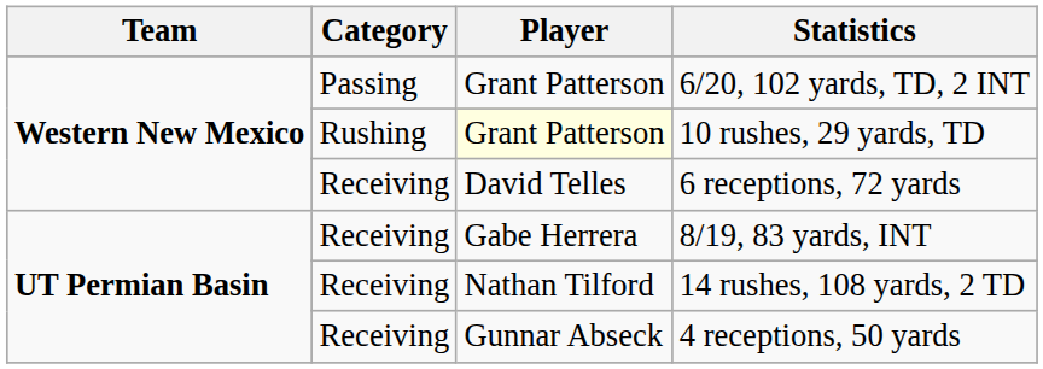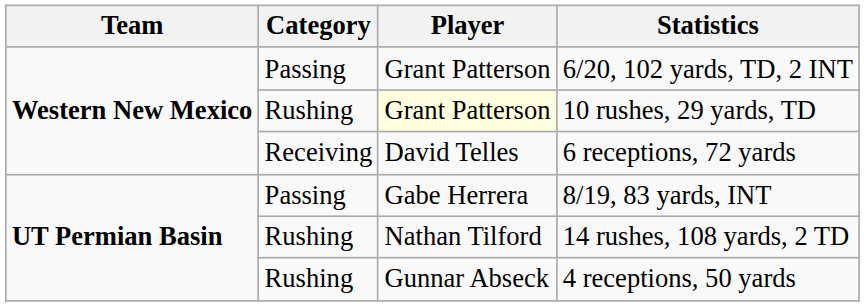 <table class="wikitable" style="float: right;">
 <tr>
 <th>Team</th>
 <th>Category</th>
 <th>Player</th>
 <th>Statistics</th>
 </tr>
 <tr>
 <td rowspan=3><strong>Western New Mexico</strong></td>
 <td>Passing</td>
 <td>Grant Patterson</td>
 <td>6/20, 102 yards, TD, 2 INT</td>
 </tr>
 <tr>
 <td>Rushing</td>
 <td style="background: lightyellow;">Grant Patterson</td>
 <td>10 rushes, 29 yards, TD</td>
 </tr>
 <tr>
 <td>Receiving</td>
 <td>David Telles</td>
 <td>6 receptions, 72 yards</td>
 </tr>
 <tr>
 <td rowspan=3><strong>UT Permian Basin</strong></td>
-<td>Receiving</td>
+<td>Passing</td>
 <td>Gabe Herrera</td>
 <td>8/19, 83 yards, INT</td>
 </tr>
 <tr>
-<td>Receiving</td>
+<td>Rushing</td>
 <td>Nathan Tilford</td>
 <td>14 rushes, 108 yards, 2 TD</td>
 </tr>
 <tr>
-<td>Receiving</td>
+<td>Rushing</td>
 <td>Gunnar Abseck</td>
 <td>4 receptions, 50 yards</td>
 </tr>
 </table>
